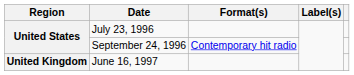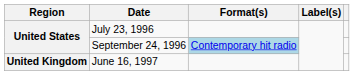 <table class="wikitable plainrowheaders">
 <tr>
 <th scope="col">Region</th>
 <th scope="col">Date</th>
 <th scope="col">Format(s)</th>
 <th scope="col">Label(s)</th>
 <th scope="col"></th>
 </tr>
 <tr>
 <th scope="row" rowspan="2">United States</th>
 <td>July 23, 1996</td>
 <td></td>
 <td rowspan="3"></td>
 <td></td>
 </tr>
 <tr>
 <td>September 24, 1996</td>
-<td><a href='#'>Contemporary hit radio</a></td>
+<td style="background: lightblue;"><a href='#'>Contemporary hit radio</a></td>
 <td></td>
 </tr>
 <tr>
 <th scope="row">United Kingdom</th>
 <td>June 16, 1997</td>
 <td></td>
 <td></td>
 </tr>
 </table>
